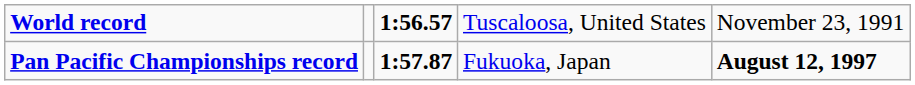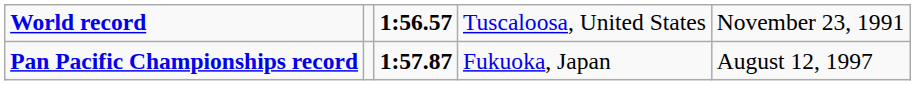 <table class="wikitable">
 <tr>
 <td><strong><a href='#'>World record</a></strong></td>
 <td></td>
 <td><strong>1:56.57</strong></td>
 <td><a href='#'>Tuscaloosa</a>, United States</td>
 <td>November 23, 1991</td>
 </tr>
 <tr>
 <td><strong><a href='#'>Pan Pacific Championships record</a></strong></td>
 <td></td>
 <td><strong>1:57.87</strong></td>
 <td><a href='#'>Fukuoka</a>, Japan</td>
-<td><strong>August 12, 1997</strong></td>
+<td>August 12, 1997</td>
 </tr>
 </table>
